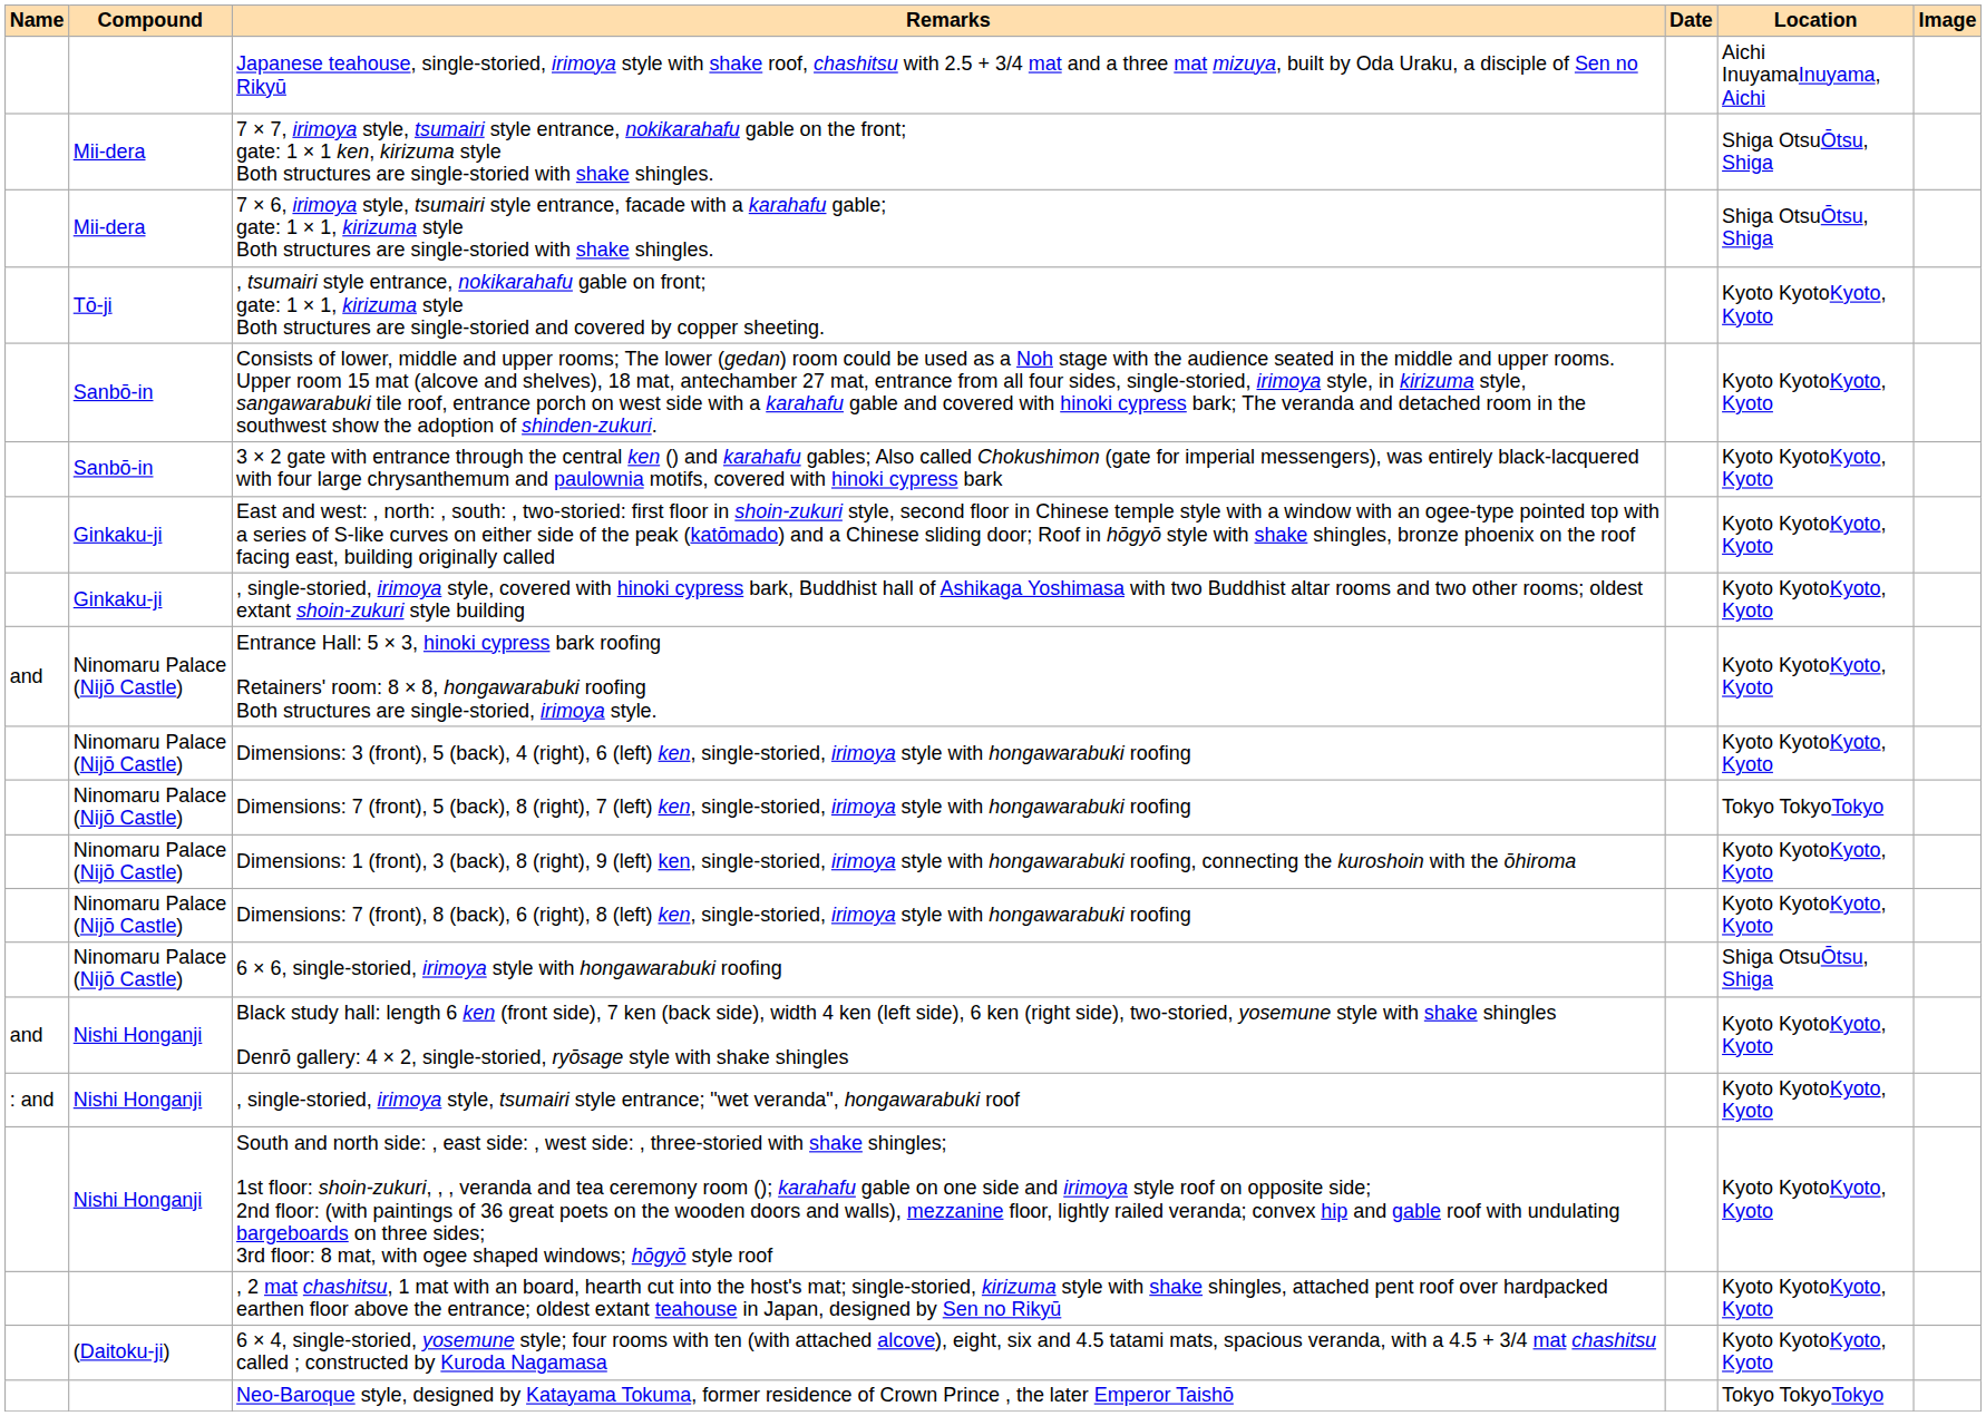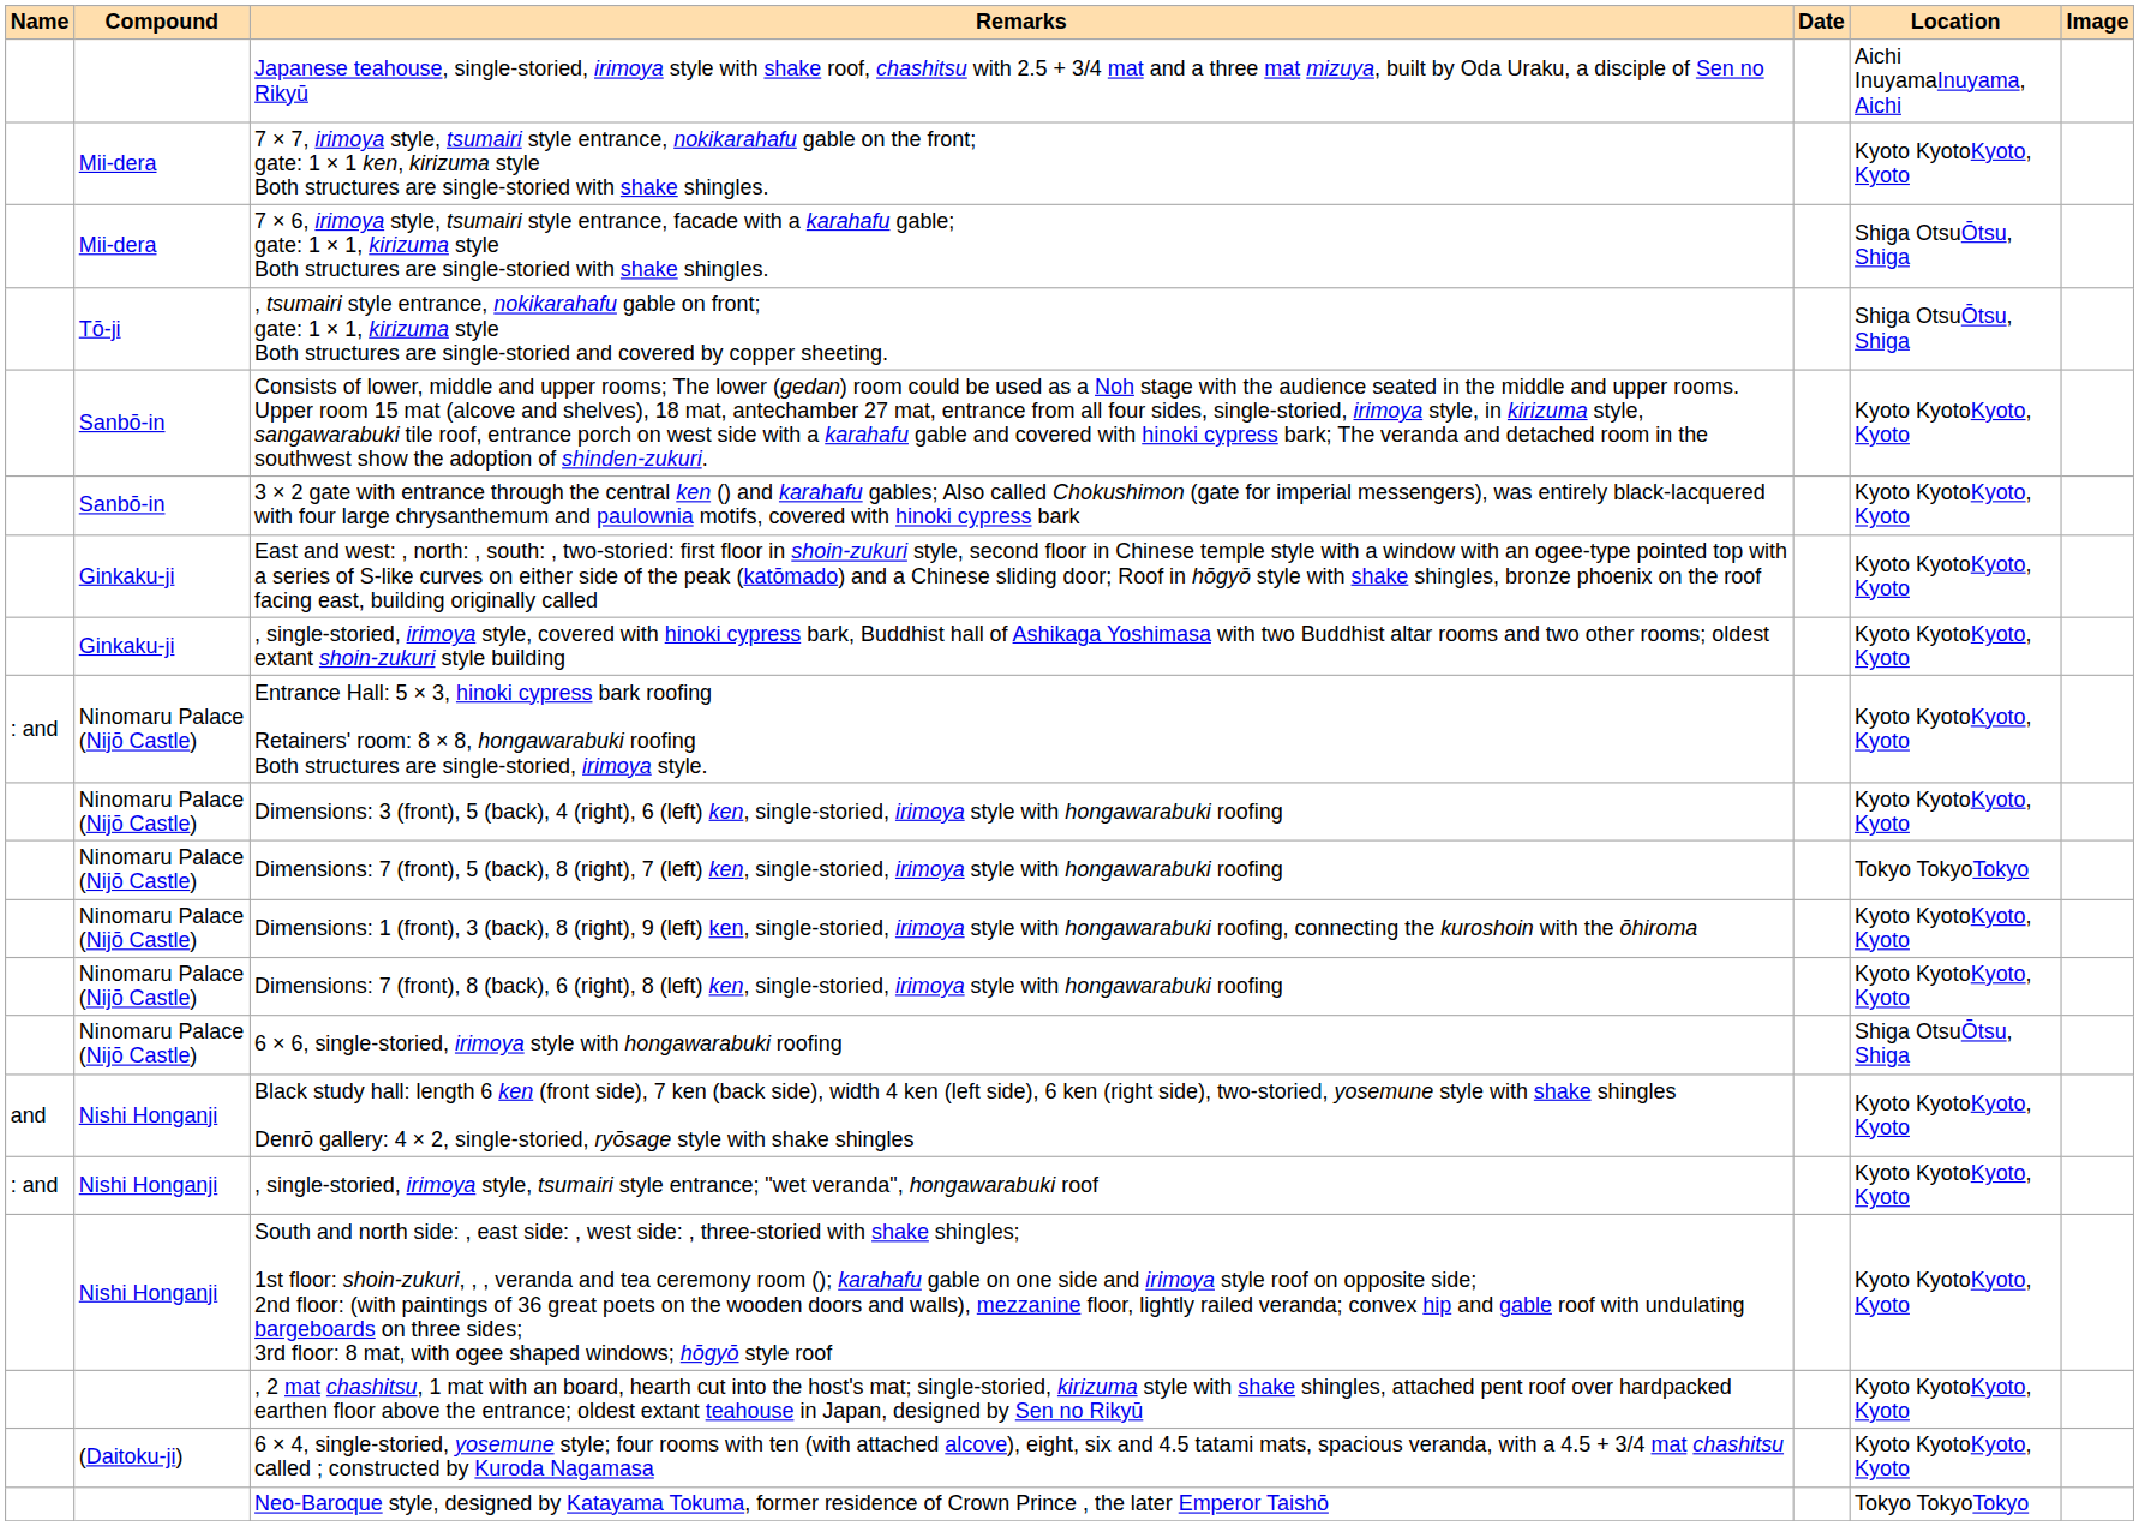 <table class="wikitable sortable" width="100%" style="background:#ffffff;">
 <tr>
 <th align="left" style="background:#ffdead;">Name</th>
 <th align="left" style="background:#ffdead;">Compound</th>
 <th align="left" style="background:#ffdead;" class="unsortable">Remarks</th>
 <th align="left" style="background:#ffdead;">Date</th>
 <th style="background:#ffdead;">Location</th>
 <th align="left" style="background:#ffdead;" class="unsortable">Image</th>
 </tr>
 <tr>
 <td></td>
 <td></td>
 <td><a href='#'>Japanese teahouse</a>, single-storied, <em><a href='#'>irimoya</a></em> style with <a href='#'>shake</a> roof, <em><a href='#'>chashitsu</a></em> with 2.5 + 3/4 <a href='#'>mat</a> and a three <a href='#'>mat</a> <em><a href='#'>mizuya</a></em>, built by Oda Uraku, a disciple of <a href='#'>Sen no Rikyū</a></td>
 <td></td>
 <td><span>Aichi Inuyama</span><a href='#'>Inuyama</a>, <a href='#'>Aichi</a> </td>
 <td></td>
 </tr>
 <tr>
 <td></td>
 <td><a href='#'>Mii-dera</a></td>
 <td>7 × 7, <em><a href='#'>irimoya</a></em> style, <em><a href='#'>tsumairi</a></em> style entrance, <em><a href='#'>nokikarahafu</a></em> gable on the front;<br>  gate: 1 × 1 <em>ken</em>, <em>kirizuma</em> style<br> Both structures are single-storied with <a href='#'>shake</a> shingles.</td>
 <td></td>
-<td><span>Shiga Otsu</span><a href='#'>Ōtsu</a>, <a href='#'>Shiga</a> </td>
+<td><span>Kyoto Kyoto</span><a href='#'>Kyoto</a>, <a href='#'>Kyoto</a> </td>
 <td></td>
 </tr>
 <tr>
 <td></td>
 <td><a href='#'>Mii-dera</a></td>
 <td>7 × 6, <em><a href='#'>irimoya</a></em> style, <em>tsumairi</em> style entrance, facade with a <em><a href='#'>karahafu</a></em> gable;<br>  gate: 1 × 1, <em><a href='#'>kirizuma</a></em> style<br> Both structures are single-storied with <a href='#'>shake</a> shingles.</td>
 <td></td>
 <td><span>Shiga Otsu</span><a href='#'>Ōtsu</a>, <a href='#'>Shiga</a> </td>
 <td></td>
 </tr>
 <tr>
 <td></td>
 <td><a href='#'>Tō-ji</a></td>
 <td>, <em>tsumairi</em> style entrance, <em><a href='#'>nokikarahafu</a></em> gable on front;<br>  gate: 1 × 1, <em><a href='#'>kirizuma</a></em> style<br> Both structures are single-storied and covered by copper sheeting.</td>
 <td></td>
-<td><span>Kyoto Kyoto</span><a href='#'>Kyoto</a>, <a href='#'>Kyoto</a> </td>
+<td><span>Shiga Otsu</span><a href='#'>Ōtsu</a>, <a href='#'>Shiga</a> </td>
 <td></td>
 </tr>
 <tr>
 <td></td>
 <td><a href='#'>Sanbō-in</a></td>
 <td>Consists of lower, middle and upper rooms; The lower (<em>gedan</em>) room could be used as a <a href='#'>Noh</a> stage with the audience seated in the middle and upper rooms. Upper room 15 mat (alcove and shelves), 18 mat, antechamber 27 mat, entrance from all four sides, single-storied, <em><a href='#'>irimoya</a></em> style,  in <em><a href='#'>kirizuma</a></em> style, <em>sangawarabuki</em> tile roof, entrance porch on west side with a <em><a href='#'>karahafu</a></em> gable and covered with <a href='#'>hinoki cypress</a> bark; The veranda and detached room in the southwest show the adoption of <em><a href='#'>shinden-zukuri</a></em>.</td>
 <td></td>
 <td><span>Kyoto Kyoto</span><a href='#'>Kyoto</a>, <a href='#'>Kyoto</a> </td>
 <td></td>
 </tr>
 <tr>
 <td></td>
 <td><a href='#'>Sanbō-in</a></td>
 <td>3 × 2 gate with entrance through the central <em><a href='#'>ken</a></em> () and <em><a href='#'>karahafu</a></em> gables; Also called <em>Chokushimon</em> (gate for imperial messengers), was entirely black-lacquered with four large chrysanthemum and <a href='#'>paulownia</a> motifs, covered with <a href='#'>hinoki cypress</a> bark</td>
 <td></td>
 <td><span>Kyoto Kyoto</span><a href='#'>Kyoto</a>, <a href='#'>Kyoto</a> </td>
 <td></td>
 </tr>
 <tr>
 <td></td>
 <td><a href='#'>Ginkaku-ji</a></td>
 <td>East and west: , north: , south: , two-storied: first floor in <em><a href='#'>shoin-zukuri</a></em> style, second floor in Chinese temple style with a window with an ogee-type pointed top with a series of S-like curves on either side of the peak (<a href='#'>katōmado</a>) and a Chinese sliding door; Roof in <em>hōgyō</em> style with <a href='#'>shake</a> shingles, bronze phoenix on the roof facing east, building originally called </td>
 <td></td>
 <td><span>Kyoto Kyoto</span><a href='#'>Kyoto</a>, <a href='#'>Kyoto</a> </td>
 <td></td>
 </tr>
 <tr>
 <td></td>
 <td><a href='#'>Ginkaku-ji</a></td>
 <td>, single-storied, <em><a href='#'>irimoya</a></em> style, covered with <a href='#'>hinoki cypress</a> bark, Buddhist hall of <a href='#'>Ashikaga Yoshimasa</a> with two Buddhist altar rooms and two other rooms; oldest extant <em><a href='#'>shoin-zukuri</a></em> style building</td>
 <td></td>
 <td><span>Kyoto Kyoto</span><a href='#'>Kyoto</a>, <a href='#'>Kyoto</a> </td>
 <td></td>
 </tr>
 <tr>
-<td> and </td>
+<td>:  and </td>
 <td>Ninomaru Palace (<a href='#'>Nijō Castle</a>)</td>
 <td>Entrance Hall: 5 × 3, <a href='#'>hinoki cypress</a> bark roofing<br><br>Retainers' room: 8 × 8, <em>hongawarabuki</em> roofing<br> Both structures are single-storied, <em><a href='#'>irimoya</a></em> style.</td>
 <td></td>
 <td><span>Kyoto Kyoto</span><a href='#'>Kyoto</a>, <a href='#'>Kyoto</a> </td>
 <td><br></td>
 </tr>
 <tr>
 <td></td>
 <td>Ninomaru Palace (<a href='#'>Nijō Castle</a>)</td>
 <td>Dimensions: 3 (front), 5 (back), 4 (right), 6 (left) <em><a href='#'>ken</a></em>, single-storied, <em><a href='#'>irimoya</a></em> style with <em>hongawarabuki</em> roofing</td>
 <td></td>
 <td><span>Kyoto Kyoto</span><a href='#'>Kyoto</a>, <a href='#'>Kyoto</a> </td>
 <td></td>
 </tr>
 <tr>
 <td></td>
 <td>Ninomaru Palace (<a href='#'>Nijō Castle</a>)</td>
 <td>Dimensions: 7 (front), 5 (back), 8 (right), 7 (left) <em><a href='#'>ken</a></em>, single-storied, <em><a href='#'>irimoya</a></em> style with <em>hongawarabuki</em> roofing</td>
 <td></td>
 <td><span>Tokyo Tokyo</span><a href='#'>Tokyo</a> </td>
 <td></td>
 </tr>
 <tr>
 <td></td>
 <td>Ninomaru Palace (<a href='#'>Nijō Castle</a>)</td>
 <td>Dimensions: 1 (front), 3 (back), 8 (right), 9 (left) <a href='#'>ken</a>, single-storied, <em><a href='#'>irimoya</a></em> style with <em>hongawarabuki</em> roofing, connecting the <em>kuroshoin</em> with the <em>ōhiroma</em></td>
 <td></td>
 <td><span>Kyoto Kyoto</span><a href='#'>Kyoto</a>, <a href='#'>Kyoto</a> </td>
 <td></td>
 </tr>
 <tr>
 <td></td>
 <td>Ninomaru Palace (<a href='#'>Nijō Castle</a>)</td>
 <td>Dimensions: 7 (front), 8 (back), 6 (right), 8 (left) <em><a href='#'>ken</a></em>, single-storied, <em><a href='#'>irimoya</a></em> style with <em>hongawarabuki</em> roofing</td>
 <td></td>
 <td><span>Kyoto Kyoto</span><a href='#'>Kyoto</a>, <a href='#'>Kyoto</a> </td>
 <td></td>
 </tr>
 <tr>
 <td></td>
 <td>Ninomaru Palace (<a href='#'>Nijō Castle</a>)</td>
 <td>6 × 6, single-storied, <em><a href='#'>irimoya</a></em> style with <em>hongawarabuki</em> roofing</td>
 <td></td>
 <td><span>Shiga Otsu</span><a href='#'>Ōtsu</a>, <a href='#'>Shiga</a> </td>
 <td></td>
 </tr>
 <tr>
 <td> and </td>
 <td><a href='#'>Nishi Honganji</a></td>
 <td>Black study hall: length 6 <em><a href='#'>ken</a></em> (front side), 7 ken (back side), width 4 ken (left side), 6 ken (right side), two-storied, <em>yosemune</em> style with <a href='#'>shake</a> shingles<br><br>Denrō gallery: 4 × 2, single-storied, <em>ryōsage</em> style with shake shingles</td>
 <td></td>
 <td><span>Kyoto Kyoto</span><a href='#'>Kyoto</a>, <a href='#'>Kyoto</a> </td>
 <td></td>
 </tr>
 <tr>
 <td>:  and </td>
 <td><a href='#'>Nishi Honganji</a></td>
 <td>, single-storied, <em><a href='#'>irimoya</a></em> style, <em>tsumairi</em> style entrance; "wet veranda", <em>hongawarabuki</em> roof</td>
 <td></td>
 <td><span>Kyoto Kyoto</span><a href='#'>Kyoto</a>, <a href='#'>Kyoto</a> </td>
 <td><br></td>
 </tr>
 <tr>
 <td></td>
 <td><a href='#'>Nishi Honganji</a></td>
 <td>South and north side: , east side: , west side: , three-storied with <a href='#'>shake</a> shingles;<br><br>1st floor: <em>shoin-zukuri</em>, , , veranda and tea ceremony room (); <em><a href='#'>karahafu</a></em> gable on one side and <em><a href='#'>irimoya</a></em> style roof on opposite side;<br> 2nd floor:  (with paintings of 36 great poets on the wooden doors and walls), <a href='#'>mezzanine</a> floor, lightly railed veranda; convex <a href='#'>hip</a> and <a href='#'>gable</a> roof with undulating <a href='#'>bargeboards</a> on three sides;<br> 3rd floor: 8 mat, with ogee shaped windows; <em><a href='#'>hōgyō</a></em> style roof</td>
 <td></td>
 <td><span>Kyoto Kyoto</span><a href='#'>Kyoto</a>, <a href='#'>Kyoto</a> </td>
 <td></td>
 </tr>
 <tr>
 <td></td>
 <td></td>
 <td>, 2 <a href='#'>mat</a> <em><a href='#'>chashitsu</a></em>, 1 mat  with an  board, hearth cut into the host's mat; single-storied, <em><a href='#'>kirizuma</a></em> style with <a href='#'>shake</a> shingles, attached pent roof over hardpacked earthen floor above the entrance; oldest extant <a href='#'>teahouse</a> in Japan, designed by <a href='#'>Sen no Rikyū</a></td>
 <td></td>
 <td><span>Kyoto Kyoto</span><a href='#'>Kyoto</a>, <a href='#'>Kyoto</a> </td>
 <td></td>
 </tr>
 <tr>
 <td></td>
 <td> (<a href='#'>Daitoku-ji</a>)</td>
 <td>6 × 4, single-storied, <em><a href='#'>yosemune</a></em> style; four rooms with ten (with attached <a href='#'>alcove</a>), eight, six and 4.5 tatami mats, spacious veranda, with a 4.5 + 3/4 <a href='#'>mat</a> <em><a href='#'>chashitsu</a></em> called ; constructed by <a href='#'>Kuroda Nagamasa</a></td>
 <td></td>
 <td><span>Kyoto Kyoto</span><a href='#'>Kyoto</a>, <a href='#'>Kyoto</a></td>
 <td></td>
 </tr>
 <tr>
 <td></td>
 <td></td>
 <td><a href='#'>Neo-Baroque</a> style, designed by <a href='#'>Katayama Tokuma</a>, former residence of Crown Prince , the later <a href='#'>Emperor Taishō</a></td>
 <td></td>
 <td><span>Tokyo Tokyo</span><a href='#'>Tokyo</a> </td>
 <td></td>
 </tr>
 </table>
